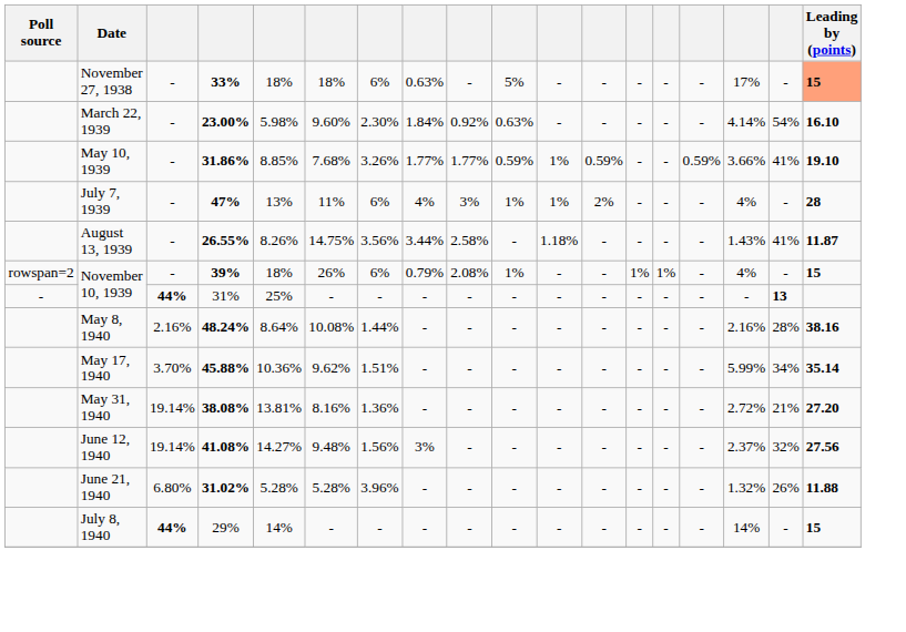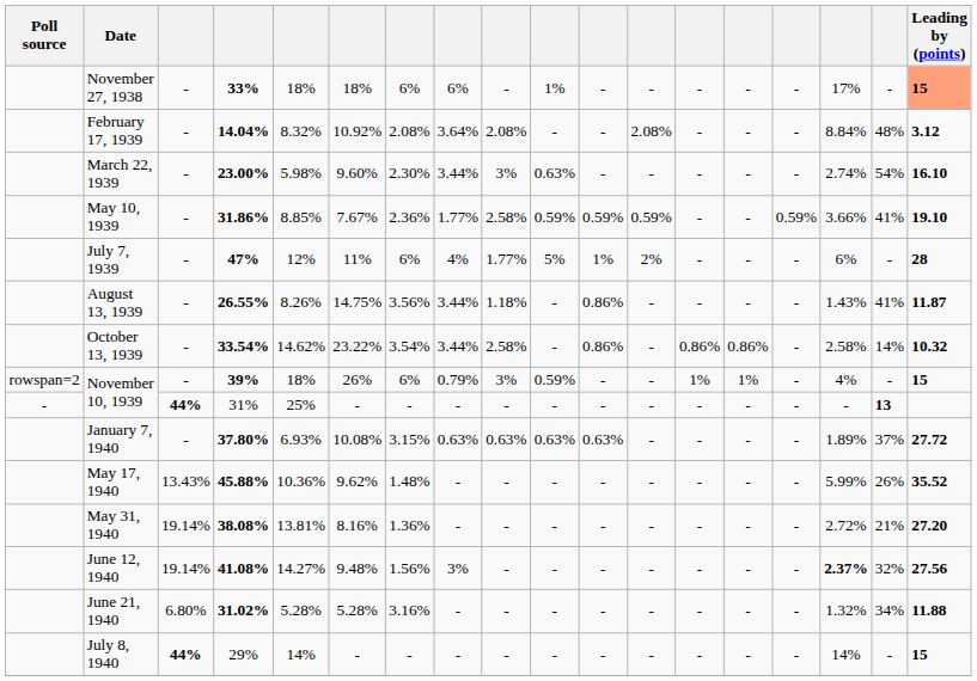 <table class="wikitable sortable">
 <tr>
 <th>Poll source</th>
 <th>Date</th>
 <th></th>
 <th></th>
 <th></th>
 <th></th>
 <th></th>
 <th></th>
 <th></th>
 <th></th>
 <th></th>
 <th></th>
 <th></th>
 <th></th>
 <th></th>
 <th></th>
 <th></th>
 <th>Leading by<br>(<a href='#'>points</a>)</th>
 </tr>
 <tr>
 <td></td>
 <td>November 27, 1938</td>
 <td align="center">-</td>
 <td align="center" ><strong>33%</strong></td>
 <td align="center">18%</td>
 <td align="center">18%</td>
 <td align="center">6%</td>
-<td align="center">0.63%</td>
+<td align="center">6%</td>
 <td align="center">-</td>
-<td align="center">5%</td>
+<td align="center">1%</td>
 <td align="center">-</td>
 <td align="center">-</td>
 <td align="center">-</td>
 <td align="center">-</td>
 <td align="center">-</td>
 <td align="center">17%</td>
 <td align="center">- </td>
 <td style="background: lightsalmon;"><strong>15</strong></td>
 </tr>
 <tr>
 <td></td>
+<td>February 17, 1939</td>
+<td align="center">-</td>
+<td align="center" ><strong>14.04%</strong></td>
+<td align="center">8.32%</td>
+<td align="center">10.92%</td>
+<td align="center">2.08%</td>
+<td align="center">3.64%</td>
+<td align="center">2.08%</td>
+<td align="center">-</td>
+<td align="center">-</td>
+<td align="center">2.08%</td>
+<td align="center">-</td>
+<td align="center">-</td>
+<td align="center">-</td>
+<td align="center">8.84%</td>
+<td align="center">48%</td>
+<td><strong>3.12</strong></td>
+</tr>
+<tr>
+<td></td>
 <td>March 22, 1939</td>
 <td align="center">-</td>
 <td align="center" ><strong>23.00%</strong></td>
 <td align="center">5.98%</td>
 <td align="center">9.60%</td>
 <td align="center">2.30%</td>
-<td align="center">1.84%</td>
-<td align="center">0.92%</td>
+<td align="center">3.44%</td>
+<td align="center">3%</td>
 <td align="center">0.63%</td>
 <td align="center">-</td>
 <td align="center">-</td>
 <td align="center">-</td>
 <td align="center">-</td>
 <td align="center">-</td>
-<td align="center">4.14%</td>
+<td align="center">2.74%</td>
 <td align="center">54%</td>
 <td><strong>16.10</strong></td>
 </tr>
 <tr>
 <td></td>
 <td>May 10, 1939</td>
 <td align="center">-</td>
 <td align="center" ><strong>31.86%</strong></td>
 <td align="center">8.85%</td>
-<td align="center">7.68%</td>
-<td align="center">3.26%</td>
+<td align="center">7.67%</td>
+<td align="center">2.36%</td>
 <td align="center">1.77%</td>
-<td align="center">1.77%</td>
+<td align="center">2.58%</td>
 <td align="center">0.59%</td>
-<td align="center">1%</td>
+<td align="center">0.59%</td>
 <td align="center">0.59%</td>
 <td align="center">-</td>
 <td align="center">-</td>
 <td align="center">0.59%</td>
 <td align="center">3.66%</td>
 <td align="center">41%</td>
 <td><strong>19.10</strong></td>
 </tr>
 <tr>
 <td></td>
 <td>July 7, 1939</td>
 <td align="center">-</td>
 <td align="center" ><strong>47%</strong></td>
-<td align="center">13%</td>
+<td align="center">12%</td>
 <td align="center">11%</td>
 <td align="center">6%</td>
 <td align="center">4%</td>
-<td align="center">3%</td>
-<td align="center">1%</td>
+<td align="center">1.77%</td>
+<td align="center">5%</td>
 <td align="center">1%</td>
 <td align="center">2%</td>
 <td align="center">-</td>
 <td align="center">-</td>
 <td align="center">-</td>
-<td align="center">4%</td>
+<td align="center">6%</td>
 <td align="center">- </td>
 <td><strong>28</strong></td>
 </tr>
 <tr>
 <td></td>
 <td>August 13, 1939</td>
 <td align="center">-</td>
 <td align="center" ><strong>26.55%</strong></td>
 <td align="center">8.26%</td>
 <td align="center">14.75%</td>
 <td align="center">3.56%</td>
 <td align="center">3.44%</td>
-<td align="center">2.58%</td>
+<td align="center">1.18%</td>
 <td align="center">-</td>
-<td align="center">1.18%</td>
+<td align="center">0.86%</td>
 <td align="center">-</td>
 <td align="center">-</td>
 <td align="center">-</td>
 <td align="center">-</td>
 <td align="center">1.43%</td>
 <td align="center">41%</td>
 <td><strong>11.87</strong></td>
+</tr>
+<tr>
+<td></td>
+<td>October 13, 1939</td>
+<td align="center">-</td>
+<td align="center" ><strong>33.54%</strong></td>
+<td align="center">14.62%</td>
+<td align="center">23.22%</td>
+<td align="center">3.54%</td>
+<td align="center">3.44%</td>
+<td align="center">2.58%</td>
+<td align="center">-</td>
+<td align="center">0.86%</td>
+<td align="center">-</td>
+<td align="center">0.86%</td>
+<td align="center">0.86%</td>
+<td align="center">-</td>
+<td align="center">2.58%</td>
+<td align="center">14%</td>
+<td><strong>10.32</strong></td>
 </tr>
 <tr>
 <td>rowspan=2 </td>
 <td rowspan=2>November 10, 1939</td>
 <td align="center">-</td>
 <td align="center" ><strong>39%</strong></td>
 <td align="center">18%</td>
 <td align="center">26%</td>
 <td align="center">6%</td>
 <td align="center">0.79%</td>
-<td align="center">2.08%</td>
-<td align="center">1%</td>
+<td align="center">3%</td>
+<td align="center">0.59%</td>
 <td align="center">-</td>
 <td align="center">-</td>
 <td align="center">1%</td>
 <td align="center">1%</td>
 <td align="center">-</td>
 <td align="center">4%</td>
 <td align="center">- </td>
 <td><strong>15</strong></td>
 </tr>
 <tr>
 <td align="center">-</td>
 <td align="center" ><strong>44%</strong></td>
 <td align="center">31%</td>
 <td align="center">25%</td>
 <td align="center">-</td>
 <td align="center">-</td>
 <td align="center">-</td>
 <td align="center">-</td>
 <td align="center">-</td>
 <td align="center">-</td>
 <td align="center">-</td>
 <td align="center">-</td>
 <td align="center">-</td>
 <td align="center">-</td>
 <td align="center">- </td>
 <td><strong>13</strong></td>
 </tr>
 <tr>
 <td></td>
-<td>May 8, 1940</td>
-<td align="center">2.16%</td>
-<td align="center" ><strong>48.24%</strong></td>
-<td align="center">8.64%</td>
+<td>January 7, 1940</td>
+<td align="center">-</td>
+<td align="center" ><strong>37.80%</strong></td>
+<td align="center">6.93%</td>
 <td align="center">10.08%</td>
-<td align="center">1.44%</td>
+<td align="center">3.15%</td>
+<td align="center">0.63%</td>
+<td align="center">0.63%</td>
+<td align="center">0.63%</td>
+<td align="center">0.63%</td>
 <td align="center">-</td>
 <td align="center">-</td>
 <td align="center">-</td>
 <td align="center">-</td>
-<td align="center">-</td>
-<td align="center">-</td>
-<td align="center">-</td>
-<td align="center">-</td>
-<td align="center">2.16%</td>
-<td align="center">28%</td>
-<td><strong>38.16</strong></td>
+<td align="center">1.89%</td>
+<td align="center">37%</td>
+<td><strong>27.72</strong></td>
 </tr>
 <tr>
 <td></td>
 <td>May 17, 1940</td>
-<td align="center">3.70%</td>
+<td align="center">13.43%</td>
 <td align="center" ><strong>45.88%</strong></td>
 <td align="center">10.36%</td>
 <td align="center">9.62%</td>
-<td align="center">1.51%</td>
+<td align="center">1.48%</td>
 <td align="center">-</td>
 <td align="center">-</td>
 <td align="center">-</td>
 <td align="center">-</td>
 <td align="center">-</td>
 <td align="center">-</td>
 <td align="center">-</td>
 <td align="center">-</td>
 <td align="center">5.99%</td>
-<td align="center">34%</td>
-<td><strong>35.14</strong></td>
+<td align="center">26%</td>
+<td><strong>35.52</strong></td>
 </tr>
 <tr>
 <td></td>
 <td>May 31, 1940</td>
 <td align="center">19.14%</td>
 <td align="center" ><strong>38.08%</strong></td>
 <td align="center">13.81%</td>
 <td align="center">8.16%</td>
 <td align="center">1.36%</td>
 <td align="center">-</td>
 <td align="center">-</td>
 <td align="center">-</td>
 <td align="center">-</td>
 <td align="center">-</td>
 <td align="center">-</td>
 <td align="center">-</td>
 <td align="center">-</td>
 <td align="center">2.72%</td>
 <td align="center">21%</td>
 <td><strong>27.20</strong></td>
 </tr>
 <tr>
 <td></td>
 <td>June 12, 1940</td>
 <td align="center">19.14%</td>
 <td align="center" ><strong>41.08%</strong></td>
 <td align="center">14.27%</td>
 <td align="center">9.48%</td>
 <td align="center">1.56%</td>
 <td align="center">3%</td>
 <td align="center">-</td>
 <td align="center">-</td>
 <td align="center">-</td>
 <td align="center">-</td>
 <td align="center">-</td>
 <td align="center">-</td>
 <td align="center">-</td>
-<td align="center">2.37%</td>
+<td align="center"><strong>2.37%</strong></td>
 <td align="center">32%</td>
 <td><strong>27.56</strong></td>
 </tr>
 <tr>
 <td></td>
 <td>June 21, 1940</td>
 <td align="center">6.80%</td>
 <td align="center" ><strong>31.02%</strong></td>
 <td align="center">5.28%</td>
 <td align="center">5.28%</td>
-<td align="center">3.96%</td>
+<td align="center">3.16%</td>
 <td align="center">-</td>
 <td align="center">-</td>
 <td align="center">-</td>
 <td align="center">-</td>
 <td align="center">-</td>
 <td align="center">-</td>
 <td align="center">-</td>
 <td align="center">-</td>
 <td align="center">1.32%</td>
-<td align="center">26%</td>
+<td align="center">34%</td>
 <td><strong>11.88</strong></td>
 </tr>
 <tr>
 <td></td>
 <td>July 8, 1940</td>
 <td align="center" ><strong>44%</strong></td>
 <td align="center">29%</td>
 <td align="center">14%</td>
 <td align="center">-</td>
 <td align="center">-</td>
 <td align="center">-</td>
 <td align="center">-</td>
 <td align="center">-</td>
 <td align="center">-</td>
 <td align="center">-</td>
 <td align="center">-</td>
 <td align="center">-</td>
 <td align="center">-</td>
 <td align="center">14%</td>
 <td align="center">- </td>
 <td><strong>15</strong></td>
 </tr>
 <tr>
 </tr>
 </table>
